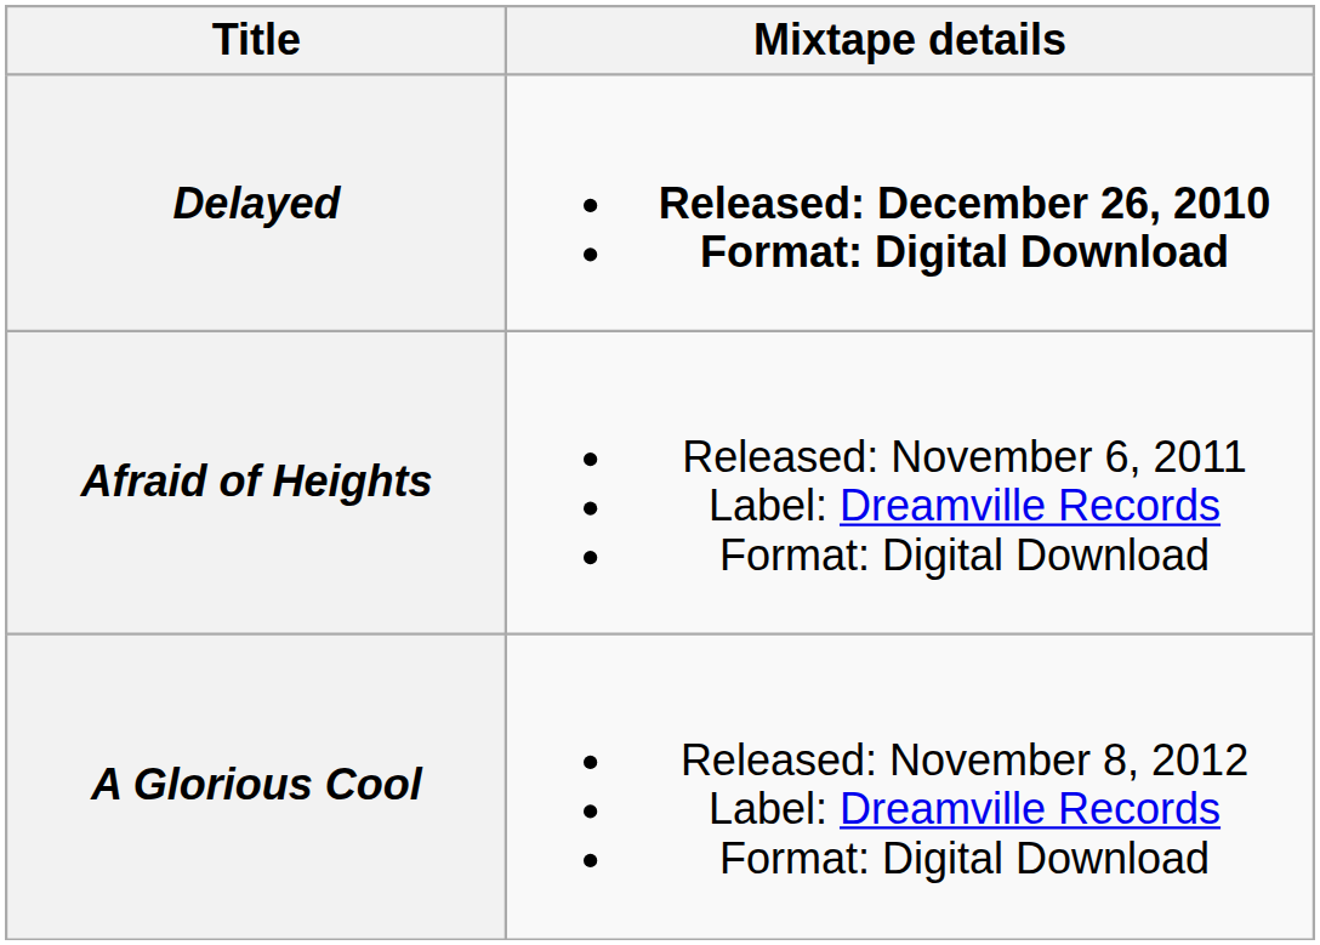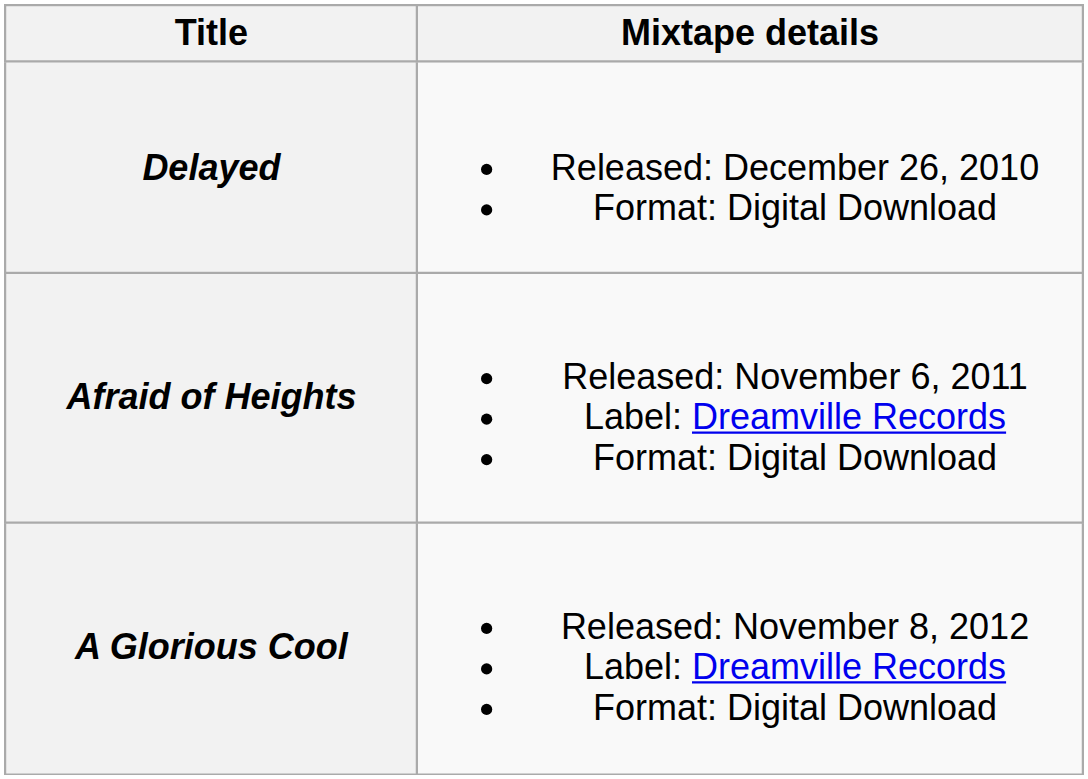 <table class="wikitable plainrowheaders" style="text-align:center;">
 <tr>
 <th scope="col" style="width:11em;">Title</th>
 <th scope="col" style="width:18em;">Mixtape details</th>
 </tr>
 <tr>
 <th scope="row"><em>Delayed</em></th>
-<td><strong><br><ul><li>Released: December 26, 2010</li><li>Format: Digital Download</li></ul></strong></td>
+<td><br><ul><li>Released: December 26, 2010</li><li>Format: Digital Download</li></ul></td>
 </tr>
 <tr>
 <th scope="row"><em>Afraid of Heights</em></th>
 <td><br><ul><li>Released: November 6, 2011</li><li>Label: <a href='#'>Dreamville Records</a></li><li>Format: Digital Download</li></ul></td>
 </tr>
 <tr>
 <th scope="row"><em>A Glorious Cool</em></th>
 <td><br><ul><li>Released: November 8, 2012</li><li>Label: <a href='#'>Dreamville Records</a></li><li>Format: Digital Download</li></ul></td>
 </tr>
 </table>
